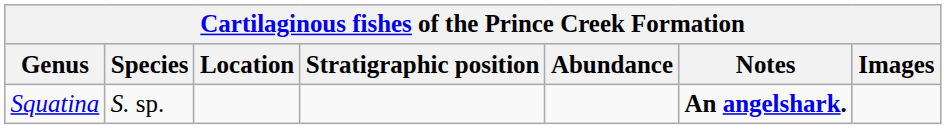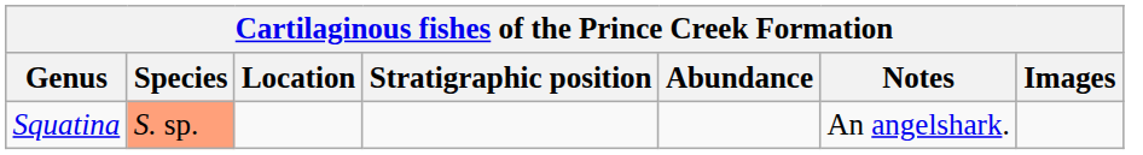 <table class="wikitable">
 <tr>
 <th colspan="7"><a href='#'>Cartilaginous fishes</a> of the Prince Creek Formation</th>
 </tr>
 <tr>
 <th>Genus</th>
 <th>Species</th>
 <th>Location</th>
 <th>Stratigraphic position</th>
 <th>Abundance</th>
 <th>Notes</th>
 <th>Images</th>
 </tr>
 <tr>
 <td><em><a href='#'>Squatina</a></em></td>
-<td><em>S.</em> sp.</td>
+<td style="background: lightsalmon;"><em>S.</em> sp.</td>
 <td></td>
 <td></td>
 <td></td>
-<td><strong>An <a href='#'>angelshark</a>.</strong></td>
+<td>An <a href='#'>angelshark</a>.</td>
 <td></td>
 </tr>
 </table>
